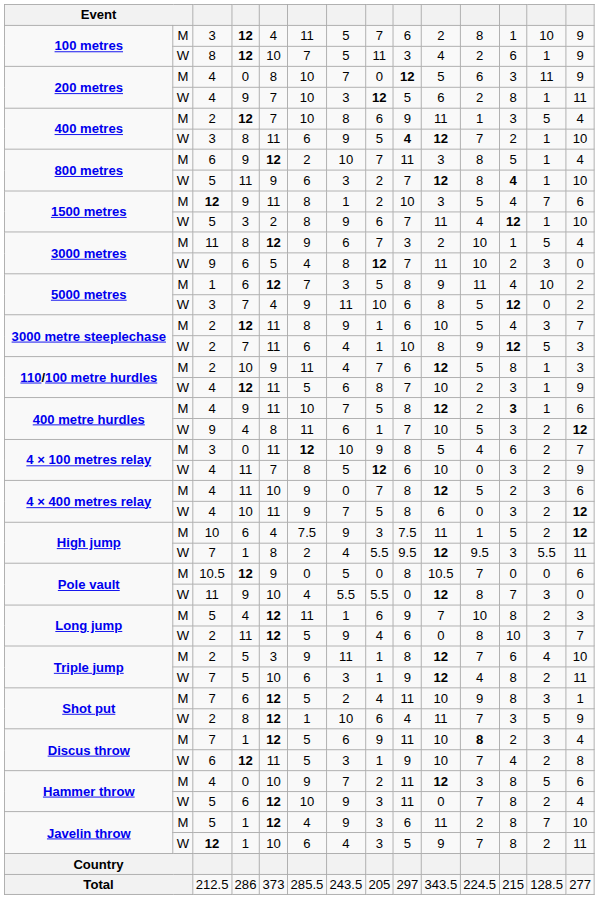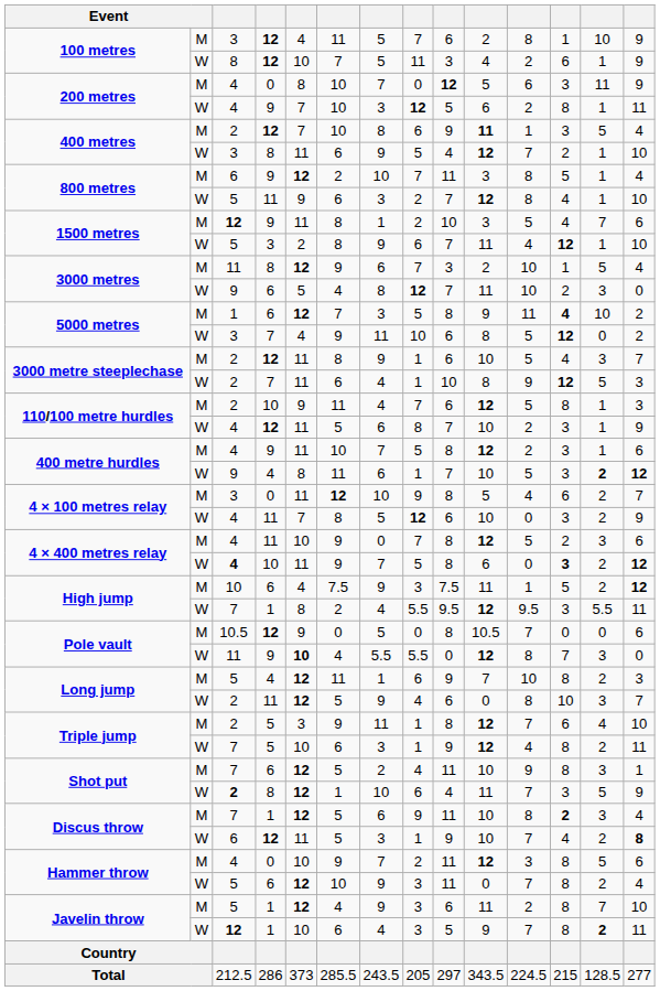 <table class="wikitable" style="background-color: #f9f9f9; font-size: 90%; text-align: center">
 <tr>
 <th width=200 colspan=2>Event</th>
 <th></th>
 <th></th>
 <th></th>
 <th></th>
 <th></th>
 <th></th>
 <th></th>
 <th></th>
 <th></th>
 <th></th>
 <th></th>
 <th></th>
 </tr>
 <tr>
 <td rowspan=2><strong><a href='#'>100 metres</a></strong></td>
 <td>M</td>
 <td>3</td>
 <td><strong>12</strong></td>
 <td>4</td>
 <td>11</td>
 <td>5</td>
 <td>7</td>
 <td>6</td>
 <td>2</td>
 <td>8</td>
 <td>1</td>
 <td>10</td>
 <td>9</td>
 </tr>
 <tr>
 <td>W</td>
 <td>8</td>
 <td><strong>12</strong></td>
 <td>10</td>
 <td>7</td>
 <td>5</td>
 <td>11</td>
 <td>3</td>
 <td>4</td>
 <td>2</td>
 <td>6</td>
 <td>1</td>
 <td>9</td>
 </tr>
 <tr>
 <td rowspan=2><strong><a href='#'>200 metres</a></strong></td>
 <td>M</td>
 <td>4</td>
 <td>0</td>
 <td>8</td>
 <td>10</td>
 <td>7</td>
 <td>0</td>
 <td><strong>12</strong></td>
 <td>5</td>
 <td>6</td>
 <td>3</td>
 <td>11</td>
 <td>9</td>
 </tr>
 <tr>
 <td>W</td>
 <td>4</td>
 <td>9</td>
 <td>7</td>
 <td>10</td>
 <td>3</td>
 <td><strong>12</strong></td>
 <td>5</td>
 <td>6</td>
 <td>2</td>
 <td>8</td>
 <td>1</td>
 <td>11</td>
 </tr>
 <tr>
 <td rowspan=2><strong><a href='#'>400 metres</a></strong></td>
 <td>M</td>
 <td>2</td>
 <td><strong>12</strong></td>
 <td>7</td>
 <td>10</td>
 <td>8</td>
 <td>6</td>
 <td>9</td>
-<td>11</td>
+<td><strong>11</strong></td>
 <td>1</td>
 <td>3</td>
 <td>5</td>
 <td>4</td>
 </tr>
 <tr>
 <td>W</td>
 <td>3</td>
 <td>8</td>
 <td>11</td>
 <td>6</td>
 <td>9</td>
 <td>5</td>
-<td><strong>4</strong></td>
+<td>4</td>
 <td><strong>12</strong></td>
 <td>7</td>
 <td>2</td>
 <td>1</td>
 <td>10</td>
 </tr>
 <tr>
 <td rowspan=2><strong><a href='#'>800 metres</a></strong></td>
 <td>M</td>
 <td>6</td>
 <td>9</td>
 <td><strong>12</strong></td>
 <td>2</td>
 <td>10</td>
 <td>7</td>
 <td>11</td>
 <td>3</td>
 <td>8</td>
 <td>5</td>
 <td>1</td>
 <td>4</td>
 </tr>
 <tr>
 <td>W</td>
 <td>5</td>
 <td>11</td>
 <td>9</td>
 <td>6</td>
 <td>3</td>
 <td>2</td>
 <td>7</td>
 <td><strong>12</strong></td>
 <td>8</td>
-<td><strong>4</strong></td>
+<td>4</td>
 <td>1</td>
 <td>10</td>
 </tr>
 <tr>
 <td rowspan=2><strong><a href='#'>1500 metres</a></strong></td>
 <td>M</td>
 <td><strong>12</strong></td>
 <td>9</td>
 <td>11</td>
 <td>8</td>
 <td>1</td>
 <td>2</td>
 <td>10</td>
 <td>3</td>
 <td>5</td>
 <td>4</td>
 <td>7</td>
 <td>6</td>
 </tr>
 <tr>
 <td>W</td>
 <td>5</td>
 <td>3</td>
 <td>2</td>
 <td>8</td>
 <td>9</td>
 <td>6</td>
 <td>7</td>
 <td>11</td>
 <td>4</td>
 <td><strong>12</strong></td>
 <td>1</td>
 <td>10</td>
 </tr>
 <tr>
 <td rowspan=2><strong><a href='#'>3000 metres</a></strong></td>
 <td>M</td>
 <td>11</td>
 <td>8</td>
 <td><strong>12</strong></td>
 <td>9</td>
 <td>6</td>
 <td>7</td>
 <td>3</td>
 <td>2</td>
 <td>10</td>
 <td>1</td>
 <td>5</td>
 <td>4</td>
 </tr>
 <tr>
 <td>W</td>
 <td>9</td>
 <td>6</td>
 <td>5</td>
 <td>4</td>
 <td>8</td>
 <td><strong>12</strong></td>
 <td>7</td>
 <td>11</td>
 <td>10</td>
 <td>2</td>
 <td>3</td>
 <td>0</td>
 </tr>
 <tr>
 <td rowspan=2><strong><a href='#'>5000 metres</a></strong></td>
 <td>M</td>
 <td>1</td>
 <td>6</td>
 <td><strong>12</strong></td>
 <td>7</td>
 <td>3</td>
 <td>5</td>
 <td>8</td>
 <td>9</td>
 <td>11</td>
-<td>4</td>
+<td><strong>4</strong></td>
 <td>10</td>
 <td>2</td>
 </tr>
 <tr>
 <td>W</td>
 <td>3</td>
 <td>7</td>
 <td>4</td>
 <td>9</td>
 <td>11</td>
 <td>10</td>
 <td>6</td>
 <td>8</td>
 <td>5</td>
 <td><strong>12</strong></td>
 <td>0</td>
 <td>2</td>
 </tr>
 <tr>
 <td rowspan=2><strong><a href='#'>3000 metre steeplechase</a></strong></td>
 <td>M</td>
 <td>2</td>
 <td><strong>12</strong></td>
 <td>11</td>
 <td>8</td>
 <td>9</td>
 <td>1</td>
 <td>6</td>
 <td>10</td>
 <td>5</td>
 <td>4</td>
 <td>3</td>
 <td>7</td>
 </tr>
 <tr>
 <td>W</td>
 <td>2</td>
 <td>7</td>
 <td>11</td>
 <td>6</td>
 <td>4</td>
 <td>1</td>
 <td>10</td>
 <td>8</td>
 <td>9</td>
 <td><strong>12</strong></td>
 <td>5</td>
 <td>3</td>
 </tr>
 <tr>
 <td rowspan=2><strong><a href='#'>110</a>/<a href='#'>100 metre hurdles</a></strong></td>
 <td>M</td>
 <td>2</td>
 <td>10</td>
 <td>9</td>
 <td>11</td>
 <td>4</td>
 <td>7</td>
 <td>6</td>
 <td><strong>12</strong></td>
 <td>5</td>
 <td>8</td>
 <td>1</td>
 <td>3</td>
 </tr>
 <tr>
 <td>W</td>
 <td>4</td>
 <td><strong>12</strong></td>
 <td>11</td>
 <td>5</td>
 <td>6</td>
 <td>8</td>
 <td>7</td>
 <td>10</td>
 <td>2</td>
 <td>3</td>
 <td>1</td>
 <td>9</td>
 </tr>
 <tr>
 <td rowspan=2><strong><a href='#'>400 metre hurdles</a></strong></td>
 <td>M</td>
 <td>4</td>
 <td>9</td>
 <td>11</td>
 <td>10</td>
 <td>7</td>
 <td>5</td>
 <td>8</td>
 <td><strong>12</strong></td>
 <td>2</td>
-<td><strong>3</strong></td>
+<td>3</td>
 <td>1</td>
 <td>6</td>
 </tr>
 <tr>
 <td>W</td>
 <td>9</td>
 <td>4</td>
 <td>8</td>
 <td>11</td>
 <td>6</td>
 <td>1</td>
 <td>7</td>
 <td>10</td>
 <td>5</td>
 <td>3</td>
-<td>2</td>
+<td><strong>2</strong></td>
 <td><strong>12</strong></td>
 </tr>
 <tr>
 <td rowspan=2><strong><a href='#'>4 × 100 metres relay</a></strong></td>
 <td>M</td>
 <td>3</td>
 <td>0</td>
 <td>11</td>
 <td><strong>12</strong></td>
 <td>10</td>
 <td>9</td>
 <td>8</td>
 <td>5</td>
 <td>4</td>
 <td>6</td>
 <td>2</td>
 <td>7</td>
 </tr>
 <tr>
 <td>W</td>
 <td>4</td>
 <td>11</td>
 <td>7</td>
 <td>8</td>
 <td>5</td>
 <td><strong>12</strong></td>
 <td>6</td>
 <td>10</td>
 <td>0</td>
 <td>3</td>
 <td>2</td>
 <td>9</td>
 </tr>
 <tr>
 <td rowspan=2><strong><a href='#'>4 × 400 metres relay</a></strong></td>
 <td>M</td>
 <td>4</td>
 <td>11</td>
 <td>10</td>
 <td>9</td>
 <td>0</td>
 <td>7</td>
 <td>8</td>
 <td><strong>12</strong></td>
 <td>5</td>
 <td>2</td>
 <td>3</td>
 <td>6</td>
 </tr>
 <tr>
 <td>W</td>
-<td>4</td>
+<td><strong>4</strong></td>
 <td>10</td>
 <td>11</td>
 <td>9</td>
 <td>7</td>
 <td>5</td>
 <td>8</td>
 <td>6</td>
 <td>0</td>
-<td>3</td>
+<td><strong>3</strong></td>
 <td>2</td>
 <td><strong>12</strong></td>
 </tr>
 <tr>
 <td rowspan=2><strong><a href='#'>High jump</a></strong></td>
 <td>M</td>
 <td>10</td>
 <td>6</td>
 <td>4</td>
 <td>7.5</td>
 <td>9</td>
 <td>3</td>
 <td>7.5</td>
 <td>11</td>
 <td>1</td>
 <td>5</td>
 <td>2</td>
 <td><strong>12</strong></td>
 </tr>
 <tr>
 <td>W</td>
 <td>7</td>
 <td>1</td>
 <td>8</td>
 <td>2</td>
 <td>4</td>
 <td>5.5</td>
 <td>9.5</td>
 <td><strong>12</strong></td>
 <td>9.5</td>
 <td>3</td>
 <td>5.5</td>
 <td>11</td>
 </tr>
 <tr>
 <td rowspan=2><strong><a href='#'>Pole vault</a></strong></td>
 <td>M</td>
 <td>10.5</td>
 <td><strong>12</strong></td>
 <td>9</td>
 <td>0</td>
 <td>5</td>
 <td>0</td>
 <td>8</td>
 <td>10.5</td>
 <td>7</td>
 <td>0</td>
 <td>0</td>
 <td>6</td>
 </tr>
 <tr>
 <td>W</td>
 <td>11</td>
 <td>9</td>
-<td>10</td>
+<td><strong>10</strong></td>
 <td>4</td>
 <td>5.5</td>
 <td>5.5</td>
 <td>0</td>
 <td><strong>12</strong></td>
 <td>8</td>
 <td>7</td>
 <td>3</td>
 <td>0</td>
 </tr>
 <tr>
 <td rowspan=2><strong><a href='#'>Long jump</a></strong></td>
 <td>M</td>
 <td>5</td>
 <td>4</td>
 <td><strong>12</strong></td>
 <td>11</td>
 <td>1</td>
 <td>6</td>
 <td>9</td>
 <td>7</td>
 <td>10</td>
 <td>8</td>
 <td>2</td>
 <td>3</td>
 </tr>
 <tr>
 <td>W</td>
 <td>2</td>
 <td>11</td>
 <td><strong>12</strong></td>
 <td>5</td>
 <td>9</td>
 <td>4</td>
 <td>6</td>
 <td>0</td>
 <td>8</td>
 <td>10</td>
 <td>3</td>
 <td>7</td>
 </tr>
 <tr>
 <td rowspan=2><strong><a href='#'>Triple jump</a></strong></td>
 <td>M</td>
 <td>2</td>
 <td>5</td>
 <td>3</td>
 <td>9</td>
 <td>11</td>
 <td>1</td>
 <td>8</td>
 <td><strong>12</strong></td>
 <td>7</td>
 <td>6</td>
 <td>4</td>
 <td>10</td>
 </tr>
 <tr>
 <td>W</td>
 <td>7</td>
 <td>5</td>
 <td>10</td>
 <td>6</td>
 <td>3</td>
 <td>1</td>
 <td>9</td>
 <td><strong>12</strong></td>
 <td>4</td>
 <td>8</td>
 <td>2</td>
 <td>11</td>
 </tr>
 <tr>
 <td rowspan=2><strong><a href='#'>Shot put</a></strong></td>
 <td>M</td>
 <td>7</td>
 <td>6</td>
 <td><strong>12</strong></td>
 <td>5</td>
 <td>2</td>
 <td>4</td>
 <td>11</td>
 <td>10</td>
 <td>9</td>
 <td>8</td>
 <td>3</td>
 <td>1</td>
 </tr>
 <tr>
 <td>W</td>
-<td>2</td>
+<td><strong>2</strong></td>
 <td>8</td>
 <td><strong>12</strong></td>
 <td>1</td>
 <td>10</td>
 <td>6</td>
 <td>4</td>
 <td>11</td>
 <td>7</td>
 <td>3</td>
 <td>5</td>
 <td>9</td>
 </tr>
 <tr>
 <td rowspan=2><strong><a href='#'>Discus throw</a></strong></td>
 <td>M</td>
 <td>7</td>
 <td>1</td>
 <td><strong>12</strong></td>
 <td>5</td>
 <td>6</td>
 <td>9</td>
 <td>11</td>
 <td>10</td>
-<td><strong>8</strong></td>
-<td>2</td>
+<td>8</td>
+<td><strong>2</strong></td>
 <td>3</td>
 <td>4</td>
 </tr>
 <tr>
 <td>W</td>
 <td>6</td>
 <td><strong>12</strong></td>
 <td>11</td>
 <td>5</td>
 <td>3</td>
 <td>1</td>
 <td>9</td>
 <td>10</td>
 <td>7</td>
 <td>4</td>
 <td>2</td>
-<td>8</td>
+<td><strong>8</strong></td>
 </tr>
 <tr>
 <td rowspan=2><strong><a href='#'>Hammer throw</a></strong></td>
 <td>M</td>
 <td>4</td>
 <td>0</td>
 <td>10</td>
 <td>9</td>
 <td>7</td>
 <td>2</td>
 <td>11</td>
 <td><strong>12</strong></td>
 <td>3</td>
 <td>8</td>
 <td>5</td>
 <td>6</td>
 </tr>
 <tr>
 <td>W</td>
 <td>5</td>
 <td>6</td>
 <td><strong>12</strong></td>
 <td>10</td>
 <td>9</td>
 <td>3</td>
 <td>11</td>
 <td>0</td>
 <td>7</td>
 <td>8</td>
 <td>2</td>
 <td>4</td>
 </tr>
 <tr>
 <td rowspan=2><strong><a href='#'>Javelin throw</a></strong></td>
 <td>M</td>
 <td>5</td>
 <td>1</td>
 <td><strong>12</strong></td>
 <td>4</td>
 <td>9</td>
 <td>3</td>
 <td>6</td>
 <td>11</td>
 <td>2</td>
 <td>8</td>
 <td>7</td>
 <td>10</td>
 </tr>
 <tr>
 <td>W</td>
 <td><strong>12</strong></td>
 <td>1</td>
 <td>10</td>
 <td>6</td>
 <td>4</td>
 <td>3</td>
 <td>5</td>
 <td>9</td>
 <td>7</td>
 <td>8</td>
-<td>2</td>
+<td><strong>2</strong></td>
 <td>11</td>
 </tr>
 <tr>
 <th colspan=2>Country</th>
 <th></th>
 <th></th>
 <th></th>
 <th></th>
 <th></th>
 <th></th>
 <th></th>
 <th></th>
 <th></th>
 <th></th>
 <th></th>
 <th></th>
 </tr>
 <tr>
 <th colspan=2>Total</th>
 <td>212.5</td>
 <td>286</td>
 <td>373</td>
 <td>285.5</td>
 <td>243.5</td>
 <td>205</td>
 <td>297</td>
 <td>343.5</td>
 <td>224.5</td>
 <td>215</td>
 <td>128.5</td>
 <td>277</td>
 </tr>
 </table>
